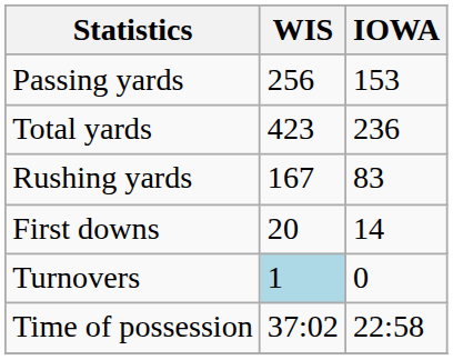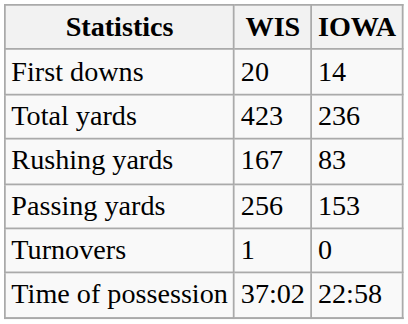 <table class="wikitable">
 <tr>
 <th>Statistics</th>
 <th>WIS</th>
 <th>IOWA</th>
 </tr>
 <tr>
-<td>Passing yards</td>
-<td>256</td>
-<td>153</td>
+<td>First downs</td>
+<td>20</td>
+<td>14</td>
 </tr>
 <tr>
 <td>Total yards</td>
 <td>423</td>
 <td>236</td>
 </tr>
 <tr>
 <td>Rushing yards</td>
 <td>167</td>
 <td>83</td>
 </tr>
 <tr>
-<td>First downs</td>
-<td>20</td>
-<td>14</td>
+<td>Passing yards</td>
+<td>256</td>
+<td>153</td>
 </tr>
 <tr>
 <td>Turnovers</td>
-<td style="background: lightblue;">1</td>
+<td>1</td>
 <td>0</td>
 </tr>
 <tr>
 <td>Time of possession</td>
 <td>37:02</td>
 <td>22:58</td>
 </tr>
 <tr>
 </tr>
 </table>
